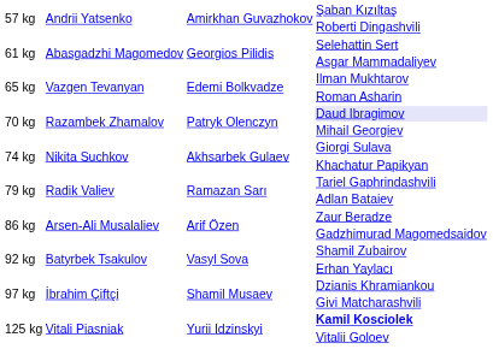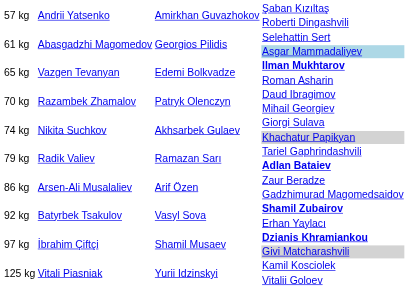 <table>
 <tr>
 <td rowspan=2>57 kg</td>
 <td rowspan=2> <a href='#'>Andrii Yatsenko</a></td>
 <td rowspan=2> <a href='#'>Amirkhan Guvazhokov</a></td>
 <td> <a href='#'>Şaban Kızıltaş</a></td>
 </tr>
 <tr>
 <td> <a href='#'>Roberti Dingashvili</a></td>
 </tr>
 <tr>
 <td rowspan=2>61 kg</td>
 <td rowspan=2> <a href='#'>Abasgadzhi Magomedov</a></td>
 <td rowspan=2> <a href='#'>Georgios Pilidis</a></td>
 <td> <a href='#'>Selehattin Sert</a></td>
 </tr>
 <tr>
-<td> <a href='#'>Asgar Mammadaliyev</a></td>
+<td style="background: lightblue;"> <a href='#'>Asgar Mammadaliyev</a></td>
 </tr>
 <tr>
 <td rowspan=2>65 kg</td>
 <td rowspan=2> <a href='#'>Vazgen Tevanyan</a></td>
 <td rowspan=2> <a href='#'>Edemi Bolkvadze</a></td>
-<td> <a href='#'>Ilman Mukhtarov</a></td>
+<td><strong> <a href='#'>Ilman Mukhtarov</a></strong></td>
 </tr>
 <tr>
 <td> <a href='#'>Roman Asharin</a></td>
 </tr>
 <tr>
 <td rowspan=2>70 kg</td>
 <td rowspan=2> <a href='#'>Razambek Zhamalov</a></td>
 <td rowspan=2> <a href='#'>Patryk Olenczyn</a></td>
-<td style="background: lavender;"> <a href='#'>Daud Ibragimov</a></td>
+<td> <a href='#'>Daud Ibragimov</a></td>
 </tr>
 <tr>
 <td> <a href='#'>Mihail Georgiev</a></td>
 </tr>
 <tr>
 <td rowspan=2>74 kg</td>
 <td rowspan=2> <a href='#'>Nikita Suchkov</a></td>
 <td rowspan=2> <a href='#'>Akhsarbek Gulaev</a></td>
 <td> <a href='#'>Giorgi Sulava</a></td>
 </tr>
 <tr>
-<td> <a href='#'>Khachatur Papikyan</a></td>
+<td style="background: lightgrey;"> <a href='#'>Khachatur Papikyan</a></td>
 </tr>
 <tr>
 <td rowspan=2>79 kg</td>
 <td rowspan=2> <a href='#'>Radik Valiev</a></td>
 <td rowspan=2> <a href='#'>Ramazan Sarı</a></td>
 <td> <a href='#'>Tariel Gaphrindashvili</a></td>
 </tr>
 <tr>
-<td> <a href='#'>Adlan Bataiev</a></td>
+<td><strong> <a href='#'>Adlan Bataiev</a></strong></td>
 </tr>
 <tr>
 <td rowspan=2>86 kg</td>
 <td rowspan=2> <a href='#'>Arsen-Ali Musalaliev</a></td>
 <td rowspan=2> <a href='#'>Arif Özen</a></td>
 <td> <a href='#'>Zaur Beradze</a></td>
 </tr>
 <tr>
 <td> <a href='#'>Gadzhimurad Magomedsaidov</a></td>
 </tr>
 <tr>
 <td rowspan=2>92 kg</td>
 <td rowspan=2> <a href='#'>Batyrbek Tsakulov</a></td>
 <td rowspan=2> <a href='#'>Vasyl Sova</a></td>
-<td> <a href='#'>Shamil Zubairov</a></td>
+<td><strong> <a href='#'>Shamil Zubairov</a></strong></td>
 </tr>
 <tr>
 <td> <a href='#'>Erhan Yaylacı</a></td>
 </tr>
 <tr>
 <td rowspan=2>97 kg</td>
 <td rowspan=2> <a href='#'>İbrahim Çiftçi</a></td>
 <td rowspan=2> <a href='#'>Shamil Musaev</a></td>
-<td> <a href='#'>Dzianis Khramiankou</a></td>
+<td><strong> <a href='#'>Dzianis Khramiankou</a></strong></td>
 </tr>
 <tr>
-<td> <a href='#'>Givi Matcharashvili</a></td>
+<td style="background: lightgrey;"> <a href='#'>Givi Matcharashvili</a></td>
 </tr>
 <tr>
 <td rowspan=2>125 kg</td>
 <td rowspan=2> <a href='#'>Vitali Piasniak</a></td>
 <td rowspan=2> <a href='#'>Yurii Idzinskyi</a></td>
-<td><strong> <a href='#'>Kamil Kosciolek</a></strong></td>
+<td> <a href='#'>Kamil Kosciolek</a></td>
 </tr>
 <tr>
 <td> <a href='#'>Vitalii Goloev</a></td>
 </tr>
 </table>
